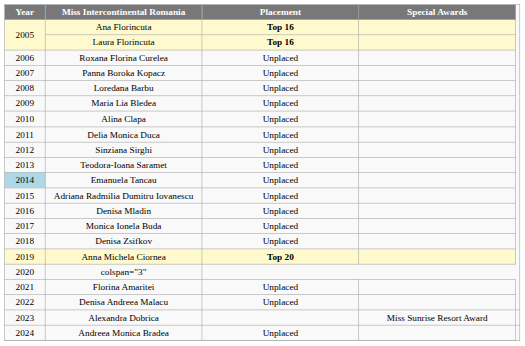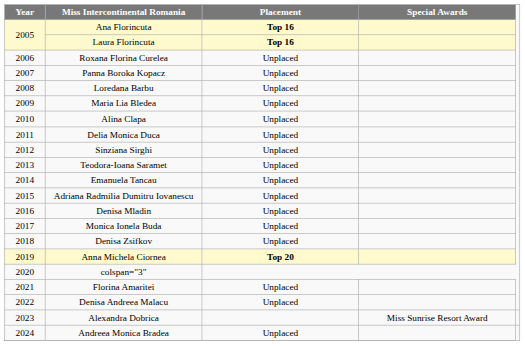 <table class="wikitable sortable" style="font-size: 95%; text-align:center">
 <tr>
 <th width="60" style="background-color:#787878;color:#FFFFFF;">Year</th>
 <th width="250" style="background-color:#787878;color:#FFFFFF;">Miss Intercontinental Romania</th>
 <th width="250" style="background-color:#787878;color:#FFFFFF;">Placement</th>
 <th width="250" style="background-color:#787878;color:#FFFFFF;">Special Awards</th>
 </tr>
 <tr style="background:#FFFACD;">
 <td rowspan="2">2005</td>
 <td>Ana Florincuta</td>
 <td><strong>Top 16</strong></td>
 <td></td>
 </tr>
 <tr style="background-color:#FFFACD;">
 <td>Laura Florincuta</td>
 <td><strong>Top 16</strong></td>
 <td></td>
 </tr>
 <tr>
 <td>2006</td>
 <td>Roxana Florina Curelea</td>
 <td>Unplaced</td>
 <td></td>
 </tr>
 <tr>
 <td>2007</td>
 <td>Panna Boroka Kopacz</td>
 <td>Unplaced</td>
 <td></td>
 </tr>
 <tr>
 <td>2008</td>
 <td>Loredana Barbu</td>
 <td>Unplaced</td>
 <td></td>
 </tr>
 <tr>
 <td>2009</td>
 <td>Maria Lia Bledea</td>
 <td>Unplaced</td>
 <td></td>
 </tr>
 <tr>
 <td>2010</td>
 <td>Alina Clapa</td>
 <td>Unplaced</td>
 <td></td>
 </tr>
 <tr>
 <td>2011</td>
 <td>Delia Monica Duca</td>
 <td>Unplaced</td>
 <td></td>
 </tr>
 <tr>
 <td>2012</td>
 <td>Sinziana Sirghi</td>
 <td>Unplaced</td>
 <td></td>
 </tr>
 <tr>
 <td>2013</td>
 <td>Teodora-Ioana Saramet</td>
 <td>Unplaced</td>
 <td></td>
 </tr>
 <tr>
-<td style="background: lightblue;">2014</td>
+<td>2014</td>
 <td>Emanuela Tancau</td>
 <td>Unplaced</td>
 <td></td>
 </tr>
 <tr>
 <td>2015</td>
 <td>Adriana Radmilia Dumitru Iovanescu</td>
 <td>Unplaced</td>
 <td></td>
 </tr>
 <tr>
 <td>2016</td>
 <td>Denisa Mladin</td>
 <td>Unplaced</td>
 <td></td>
 </tr>
 <tr>
 <td>2017</td>
 <td>Monica Ionela Buda</td>
 <td>Unplaced</td>
 <td></td>
 </tr>
 <tr>
 <td>2018</td>
 <td>Denisa Zsifkov</td>
 <td>Unplaced</td>
 <td></td>
 </tr>
 <tr style="background:#FFFACD;">
 <td>2019</td>
 <td>Anna Michela Ciornea</td>
 <td><strong>Top 20</strong></td>
 <td></td>
 </tr>
 <tr>
 <td>2020</td>
 <td>colspan="3" </td>
 </tr>
 <tr>
 <td>2021</td>
 <td>Florina Amaritei</td>
 <td>Unplaced</td>
 <td></td>
 </tr>
 <tr>
 <td>2022</td>
 <td>Denisa Andreea Malacu</td>
 <td>Unplaced</td>
 <td></td>
 </tr>
 <tr>
 <td>2023</td>
 <td>Alexandra Dobrica</td>
 <td></td>
 <td>Miss Sunrise Resort Award</td>
 <td></td>
 </tr>
 <tr>
 <td>2024</td>
 <td>Andreea Monica Bradea</td>
 <td>Unplaced</td>
 <td></td>
 </tr>
 <tr>
 </tr>
 </table>
